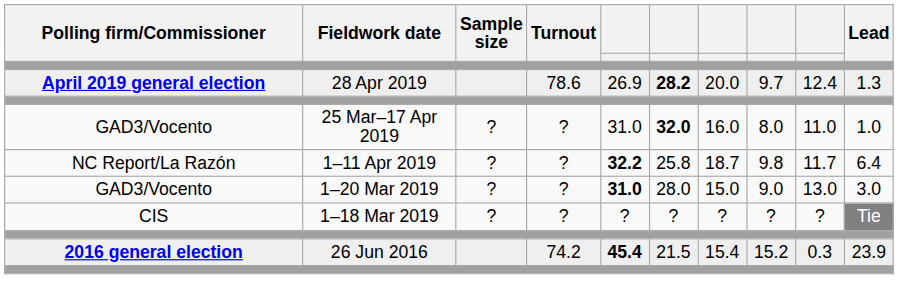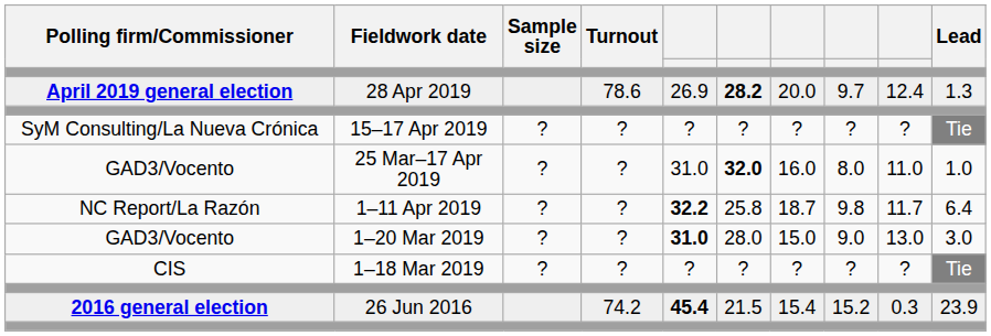 <table class="wikitable collapsible collapsed" style="text-align:center; font-size:95%; line-height:16px;">
 <tr style="height:42px;">
 <th style="width:250px;" rowspan="2">Polling firm/Commissioner</th>
 <th style="width:125px;" rowspan="2">Fieldwork date</th>
 <th style="width:50px;" rowspan="2">Sample size</th>
 <th style="width:45px;" rowspan="2">Turnout</th>
 <th style="width:35px;"></th>
 <th style="width:35px;"></th>
 <th style="width:35px;"></th>
 <th style="width:35px;"></th>
 <th style="width:35px;"></th>
 <th style="width:30px;" rowspan="2">Lead</th>
 </tr>
 <tr>
 <th style="color:inherit;background:"></th>
 <th style="color:inherit;background:"></th>
 <th style="color:inherit;background:"></th>
 <th style="color:inherit;background:"></th>
 <th style="color:inherit;background:"></th>
 </tr>
 <tr>
 <td colspan="10" style="background:#A0A0A0"></td>
 </tr>
 <tr style="background:#EFEFEF;">
 <td><strong><a href='#'>April 2019 general election</a></strong></td>
 <td>28 Apr 2019</td>
 <td></td>
 <td>78.6</td>
 <td>26.9<br></td>
 <td><strong>28.2</strong><br></td>
 <td>20.0<br></td>
 <td>9.7<br></td>
 <td>12.4<br></td>
 <td style="background:">1.3</td>
 </tr>
 <tr>
 <td colspan="10" style="background:#A0A0A0"></td>
+</tr>
+<tr>
+<td>SyM Consulting/La Nueva Crónica</td>
+<td>15–17 Apr 2019</td>
+<td>?</td>
+<td>?</td>
+<td>?<br></td>
+<td>?<br></td>
+<td>?<br></td>
+<td>?<br></td>
+<td>?<br></td>
+<td style="background:gray;color:white;">Tie</td>
 </tr>
 <tr>
 <td>GAD3/Vocento</td>
 <td>25 Mar–17 Apr 2019</td>
 <td>?</td>
 <td>?</td>
 <td>31.0<br></td>
 <td><strong>32.0</strong><br></td>
 <td>16.0<br></td>
 <td>8.0<br></td>
 <td>11.0<br></td>
 <td style="background:">1.0</td>
 </tr>
 <tr>
 <td>NC Report/La Razón</td>
 <td>1–11 Apr 2019</td>
 <td>?</td>
 <td>?</td>
 <td><strong>32.2</strong><br></td>
 <td>25.8<br></td>
 <td>18.7<br></td>
 <td>9.8<br></td>
 <td>11.7<br></td>
 <td style="background:">6.4</td>
 </tr>
 <tr>
 <td>GAD3/Vocento</td>
 <td>1–20 Mar 2019</td>
 <td>?</td>
 <td>?</td>
 <td><strong>31.0</strong><br></td>
 <td>28.0<br></td>
 <td>15.0<br></td>
 <td>9.0<br></td>
 <td>13.0<br></td>
 <td style="background:">3.0</td>
 </tr>
 <tr>
 <td>CIS</td>
 <td>1–18 Mar 2019</td>
 <td>?</td>
 <td>?</td>
 <td>?<br></td>
 <td>?<br></td>
 <td>?<br></td>
 <td>?<br></td>
 <td>?<br></td>
 <td style="background:gray;color:white;">Tie</td>
 </tr>
 <tr>
 <td colspan="10" style="background:#A0A0A0"></td>
 </tr>
 <tr style="background:#EFEFEF;">
 <td><strong><a href='#'>2016 general election</a></strong></td>
 <td>26 Jun 2016</td>
 <td></td>
 <td>74.2</td>
 <td><strong>45.4</strong><br></td>
 <td>21.5<br></td>
 <td>15.4<br></td>
 <td>15.2<br></td>
 <td>0.3<br></td>
 <td style="background:">23.9</td>
 </tr>
 <tr>
 <td colspan="10" style="background:#A0A0A0"></td>
 </tr>
 </table>
